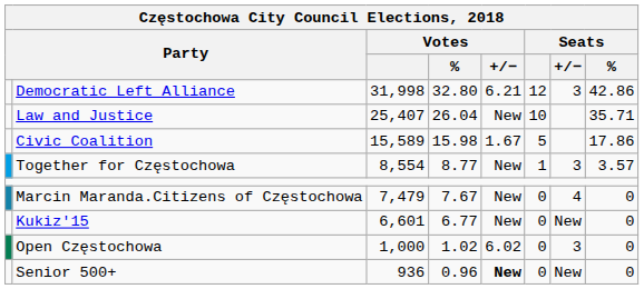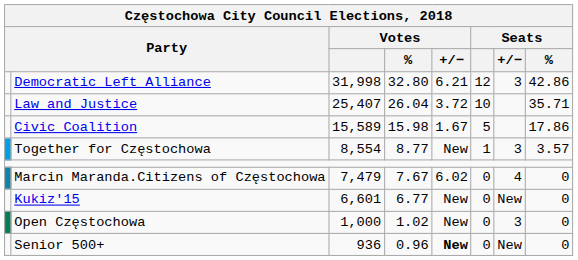 <table class="wikitable">
 <tr>
 <th colspan=8>Częstochowa City Council Elections, 2018</th>
 </tr>
 <tr>
 <th rowspan="2" colspan="2">Party</th>
 <th colspan="3">Votes</th>
 <th colspan="3">Seats</th>
 </tr>
 <tr>
 <th></th>
 <th>%</th>
 <th>+/−</th>
 <th></th>
 <th>+/−</th>
 <th>%</th>
 </tr>
 <tr>
 <td style="background-color:"></td>
 <td><a href='#'>Democratic Left Alliance</a></td>
 <td align="right">31,998</td>
 <td align="right">32.80</td>
 <td align="right"> 6.21</td>
 <td align="right">12</td>
 <td align="right"> 3</td>
 <td align="right">42.86</td>
 </tr>
 <tr>
 <td style="background-color:"></td>
 <td><a href='#'>Law and Justice</a></td>
 <td align="right">25,407</td>
 <td align="right">26.04</td>
-<td align="right">New</td>
+<td align="right"> 3.72</td>
 <td align="right">10</td>
 <td align="right"></td>
 <td align="right">35.71</td>
 </tr>
 <tr>
 <td style="background-color:"></td>
 <td><a href='#'>Civic Coalition</a></td>
 <td align="right">15,589</td>
 <td align="right">15.98</td>
 <td align="right"> 1.67</td>
 <td align="right">5</td>
 <td align="right"></td>
 <td align="right">17.86</td>
 </tr>
 <tr>
 <td style="background-color:#019fe5"></td>
 <td>Together for Częstochowa</td>
 <td align="right">8,554</td>
 <td align="right">8.77</td>
 <td align="right">New</td>
 <td align="right">1</td>
 <td align="right"> 3</td>
 <td align="right">3.57</td>
 </tr>
 <tr>
 <td colspan=8></td>
 </tr>
 <tr>
 <td style="background-color:#1482a8"></td>
 <td>Marcin Maranda.Citizens of Częstochowa</td>
 <td align="right">7,479</td>
 <td align="right">7.67</td>
-<td align="right">New</td>
+<td align="right"> 6.02</td>
 <td align="right">0</td>
 <td align="right"> 4</td>
 <td align="right">0</td>
 </tr>
 <tr>
 <td style="background-color:"></td>
 <td><a href='#'>Kukiz'15</a></td>
 <td align="right">6,601</td>
 <td align="right">6.77</td>
 <td align="right">New</td>
 <td align="right">0</td>
 <td align="right">New</td>
 <td align="right">0</td>
 </tr>
 <tr>
 <td style="background-color:#057e53"></td>
 <td>Open Częstochowa</td>
 <td align="right">1,000</td>
 <td align="right">1.02</td>
-<td align="right"> 6.02</td>
+<td align="right">New</td>
 <td align="right">0</td>
 <td align="right"> 3</td>
 <td align="right">0</td>
 </tr>
 <tr>
 <td style="background-color:"></td>
 <td>Senior 500+</td>
 <td align="right">936</td>
 <td align="right">0.96</td>
 <td align="right"><strong>New</strong></td>
 <td align="right">0</td>
 <td align="right">New</td>
 <td align="right">0</td>
 </tr>
 </table>
